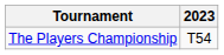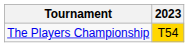 <table class="wikitable" style="font-size:95%;text-align:center;">
 <tr>
 <th>Tournament</th>
 <th>2023</th>
 </tr>
 <tr>
 <td align=left><a href='#'>The Players Championship</a></td>
-<td>T54</td>
+<td style="background: gold;">T54</td>
 </tr>
 </table>
